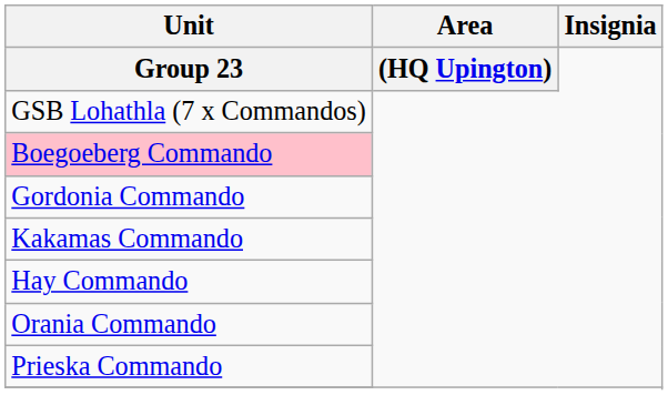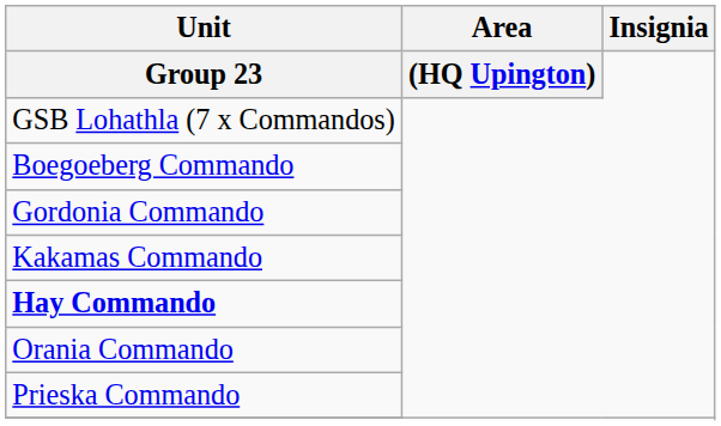 <table class="wikitable">
 <tr>
 <th>Unit</th>
 <th>Area</th>
 <th>Insignia</th>
 </tr>
 <tr>
 <th>Group 23</th>
 <th>(HQ <a href='#'>Upington</a>)</th>
 </tr>
 <tr>
 <td>GSB <a href='#'>Lohathla</a> (7 x Commandos)</td>
 </tr>
 <tr>
-<td style="background: pink;"><a href='#'>Boegoeberg Commando</a></td>
+<td><a href='#'>Boegoeberg Commando</a></td>
 </tr>
 <tr>
 <td><a href='#'>Gordonia Commando</a></td>
 </tr>
 <tr>
 <td><a href='#'>Kakamas Commando</a></td>
 </tr>
 <tr>
-<td><a href='#'>Hay Commando</a></td>
+<td><strong><a href='#'>Hay Commando</a></strong></td>
 </tr>
 <tr>
 <td><a href='#'>Orania Commando</a></td>
 </tr>
 <tr>
 <td><a href='#'>Prieska Commando</a></td>
 </tr>
 <tr>
 </tr>
 </table>
